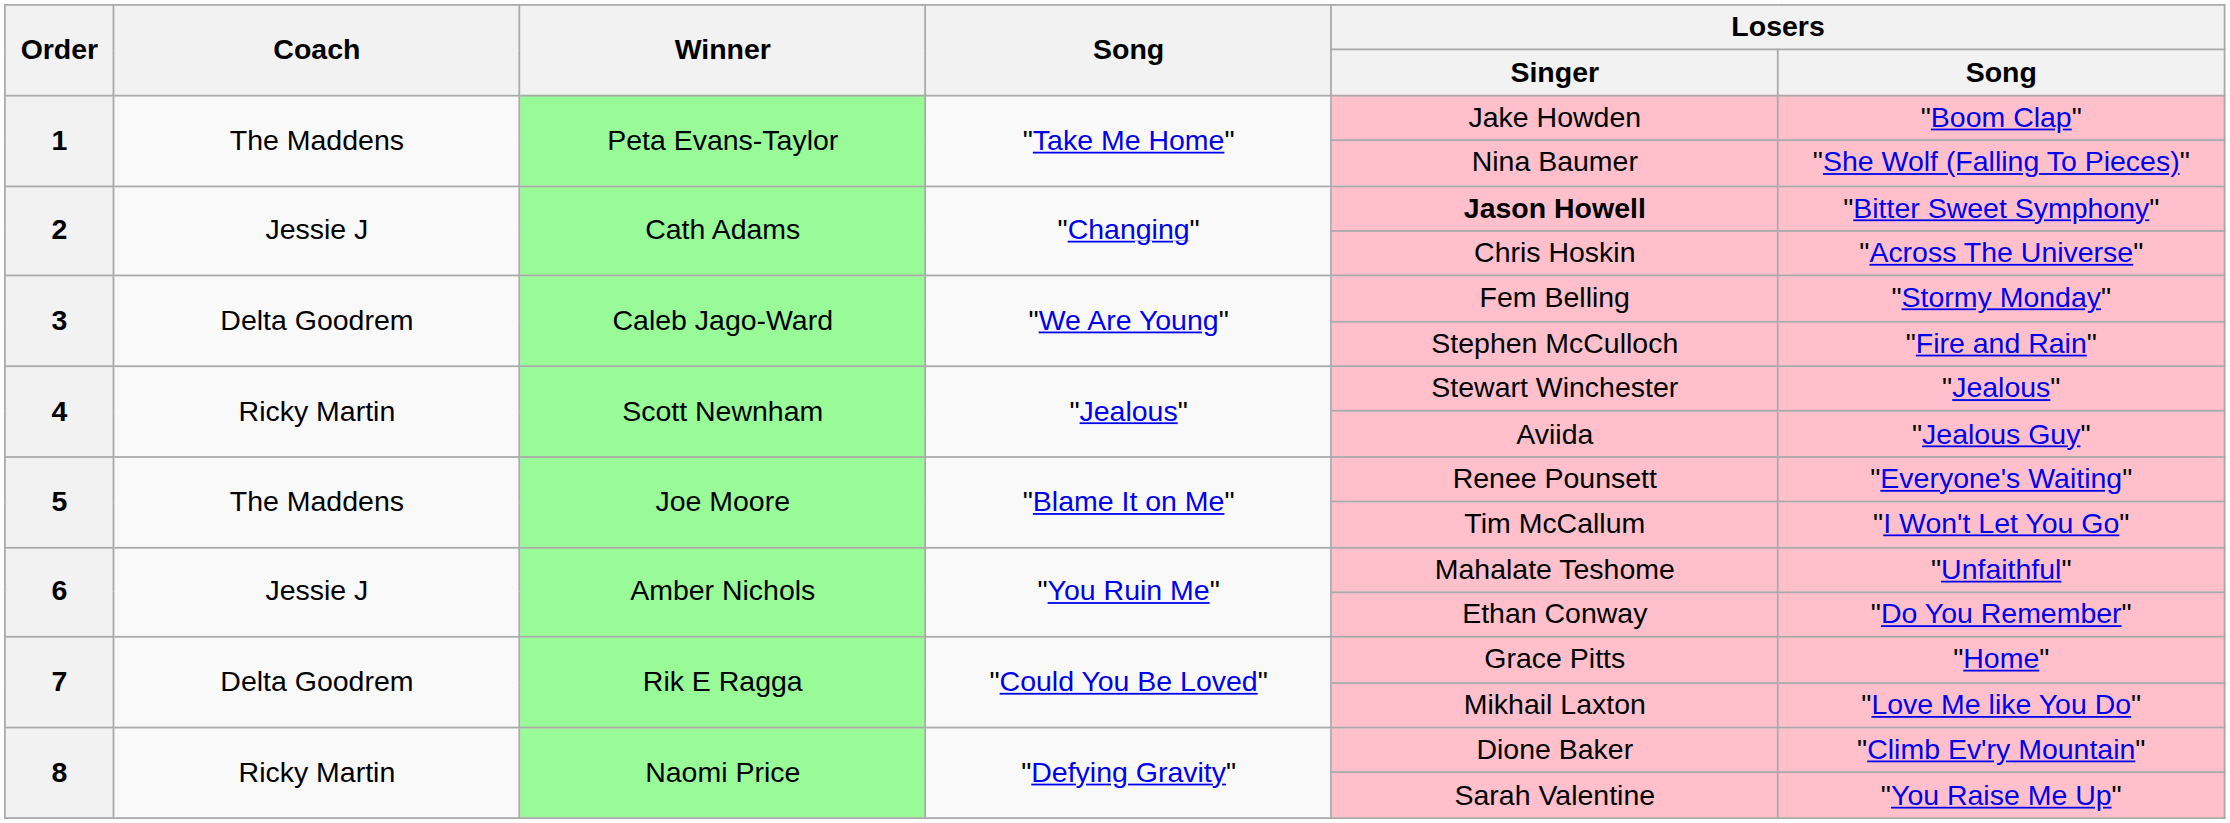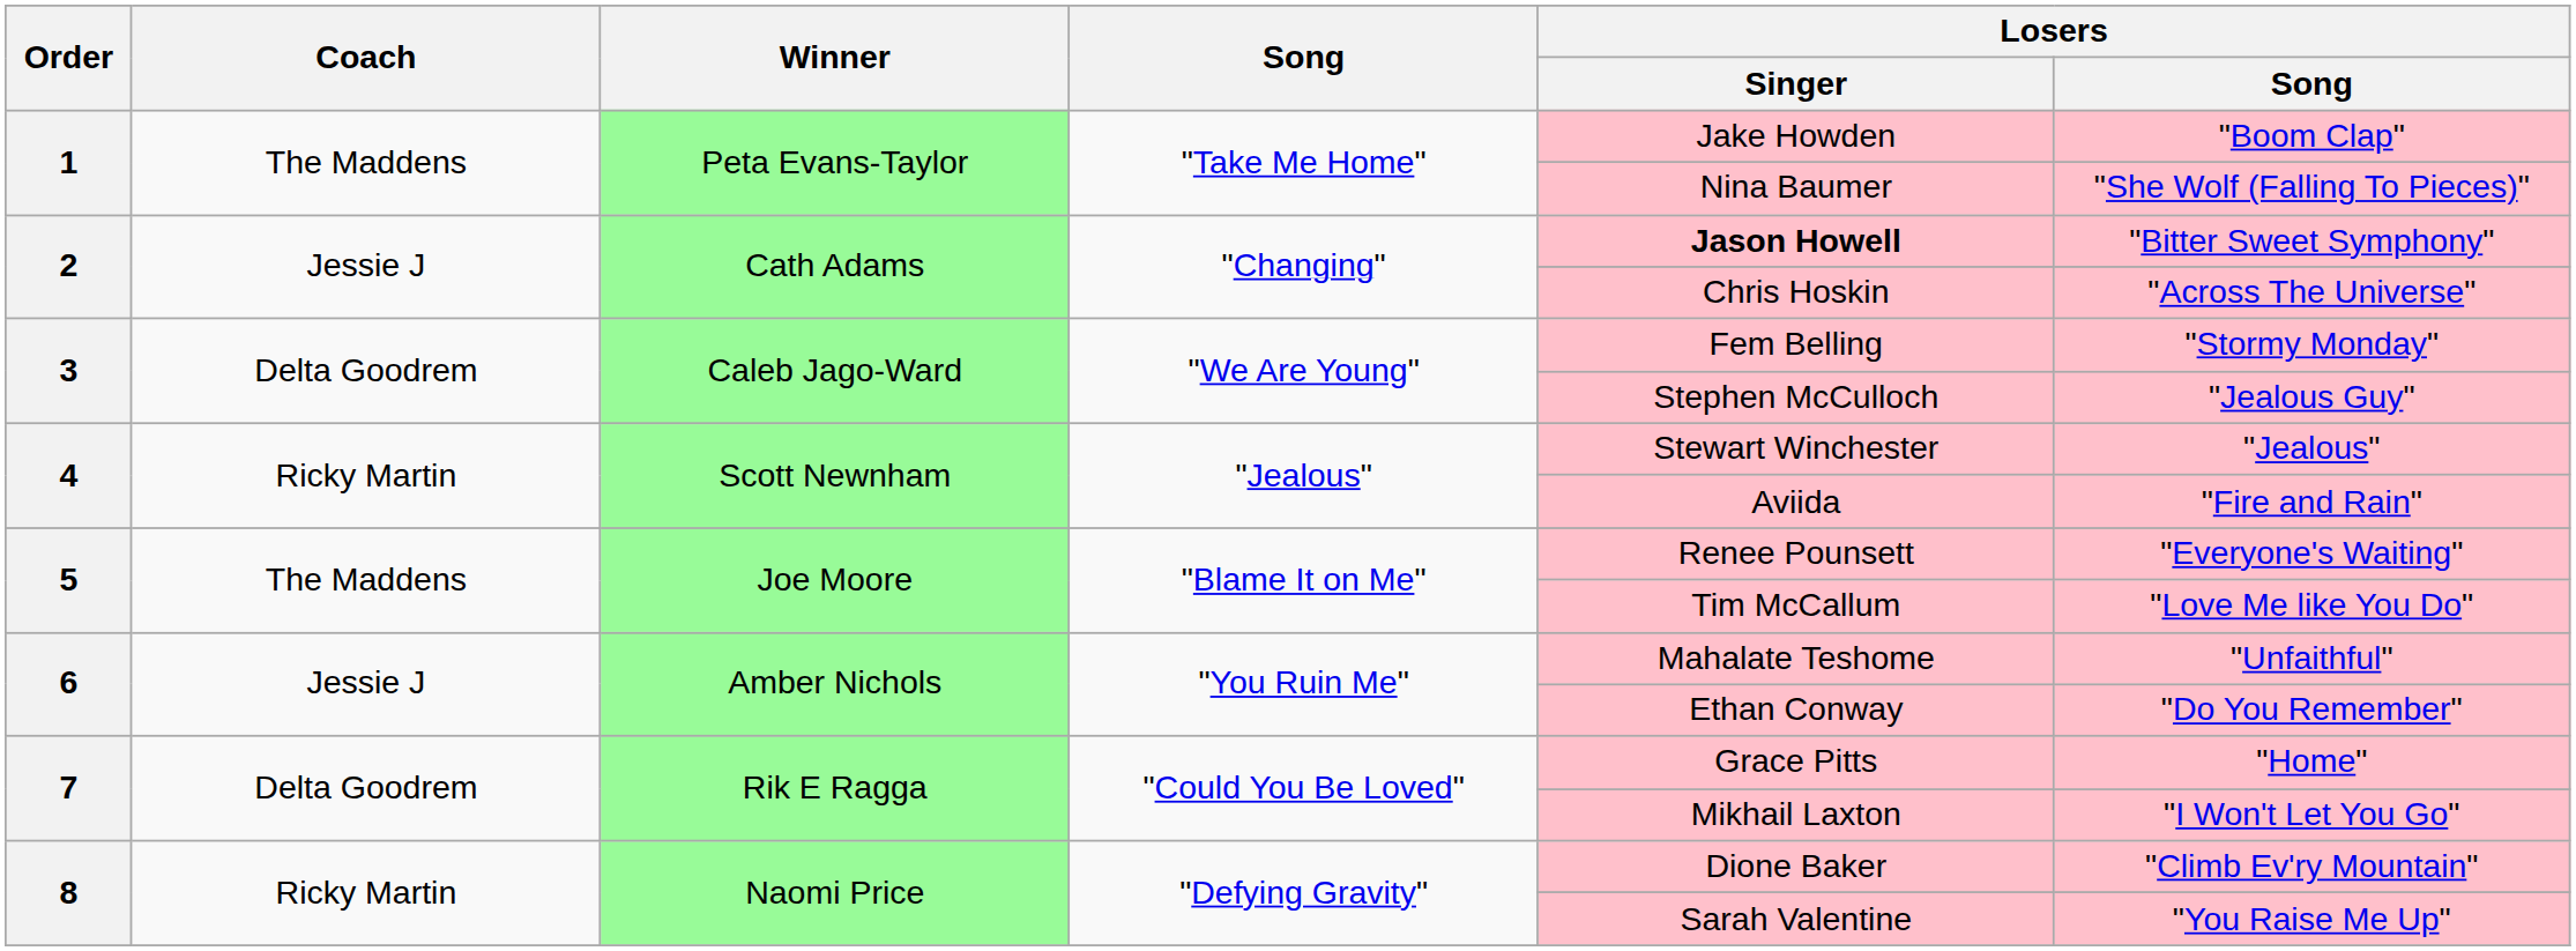 <table class="wikitable sortable" style="text-align: center; width: auto;">
 <tr>
 <th rowspan="2" style="width:1%;">Order</th>
 <th rowspan="2" style="width:10%;">Coach</th>
 <th rowspan="2" style="width:10%;">Winner</th>
 <th rowspan="2" style="width:10%;">Song</th>
 <th colspan="2" style="width:20%;">Losers</th>
 </tr>
 <tr>
 <th style="width:11%;">Singer</th>
 <th style="width:11%;">Song</th>
 </tr>
 <tr>
 <th rowspan="2">1</th>
 <td rowspan="2">The Maddens</td>
 <td rowspan="2" bgcolor="palegreen">Peta Evans-Taylor</td>
 <td rowspan="2">"<a href='#'>Take Me Home</a>"</td>
 <td bgcolor="pink">Jake Howden</td>
 <td bgcolor="pink">"<a href='#'>Boom Clap</a>"</td>
 </tr>
 <tr>
 <td bgcolor="pink">Nina Baumer</td>
 <td bgcolor="pink">"<a href='#'>She Wolf (Falling To Pieces)</a>"</td>
 </tr>
 <tr>
 <th rowspan="2">2</th>
 <td rowspan="2">Jessie J</td>
 <td rowspan="2" bgcolor="palegreen">Cath Adams</td>
 <td rowspan="2">"<a href='#'>Changing</a>"</td>
 <td bgcolor="pink"><strong>Jason Howell</strong></td>
 <td bgcolor="pink">"<a href='#'>Bitter Sweet Symphony</a>"</td>
 </tr>
 <tr>
 <td bgcolor="pink">Chris Hoskin</td>
 <td bgcolor="pink">"<a href='#'>Across The Universe</a>"</td>
 </tr>
 <tr>
 <th rowspan="2">3</th>
 <td rowspan="2">Delta Goodrem</td>
 <td rowspan="2" bgcolor="palegreen">Caleb Jago-Ward</td>
 <td rowspan="2">"<a href='#'>We Are Young</a>"</td>
 <td bgcolor="pink">Fem Belling</td>
 <td bgcolor="pink">"<a href='#'>Stormy Monday</a>"</td>
 </tr>
 <tr>
 <td bgcolor="pink">Stephen McCulloch</td>
-<td bgcolor="pink">"<a href='#'>Fire and Rain</a>"</td>
+<td bgcolor="pink">"<a href='#'>Jealous Guy</a>"</td>
 </tr>
 <tr>
 <th rowspan="2">4</th>
 <td rowspan="2">Ricky Martin</td>
 <td rowspan="2" bgcolor="palegreen">Scott Newnham</td>
 <td rowspan="2">"<a href='#'>Jealous</a>"</td>
 <td bgcolor="pink">Stewart Winchester</td>
 <td bgcolor="pink">"<a href='#'>Jealous</a>"</td>
 </tr>
 <tr>
 <td bgcolor="pink">Aviida</td>
-<td bgcolor="pink">"<a href='#'>Jealous Guy</a>"</td>
+<td bgcolor="pink">"<a href='#'>Fire and Rain</a>"</td>
 </tr>
 <tr>
 <th rowspan="2">5</th>
 <td rowspan="2">The Maddens</td>
 <td rowspan="2" bgcolor="palegreen">Joe Moore</td>
 <td rowspan="2">"<a href='#'>Blame It on Me</a>"</td>
 <td bgcolor="pink">Renee Pounsett</td>
 <td bgcolor="pink">"<a href='#'>Everyone's Waiting</a>"</td>
 </tr>
 <tr>
 <td bgcolor="pink">Tim McCallum</td>
-<td bgcolor="pink">"<a href='#'>I Won't Let You Go</a>"</td>
+<td bgcolor="pink">"<a href='#'>Love Me like You Do</a>"</td>
 </tr>
 <tr>
 <th rowspan="2">6</th>
 <td rowspan="2">Jessie J</td>
 <td rowspan="2" bgcolor="palegreen">Amber Nichols</td>
 <td rowspan="2">"<a href='#'>You Ruin Me</a>"</td>
 <td bgcolor="pink">Mahalate Teshome</td>
 <td bgcolor="pink">"<a href='#'>Unfaithful</a>"</td>
 </tr>
 <tr>
 <td bgcolor="pink">Ethan Conway</td>
 <td bgcolor="pink">"<a href='#'>Do You Remember</a>"</td>
 </tr>
 <tr>
 <th rowspan="2">7</th>
 <td rowspan="2">Delta Goodrem</td>
 <td rowspan="2" bgcolor="palegreen">Rik E Ragga</td>
 <td rowspan="2">"<a href='#'>Could You Be Loved</a>"</td>
 <td bgcolor="pink">Grace Pitts</td>
 <td bgcolor="pink">"<a href='#'>Home</a>"</td>
 </tr>
 <tr>
 <td bgcolor="pink">Mikhail Laxton</td>
-<td bgcolor="pink">"<a href='#'>Love Me like You Do</a>"</td>
+<td bgcolor="pink">"<a href='#'>I Won't Let You Go</a>"</td>
 </tr>
 <tr>
 <th rowspan="2">8</th>
 <td rowspan="2">Ricky Martin</td>
 <td rowspan="2" bgcolor="palegreen">Naomi Price</td>
 <td rowspan="2">"<a href='#'>Defying Gravity</a>"</td>
 <td bgcolor="pink">Dione Baker</td>
 <td bgcolor="pink">"<a href='#'>Climb Ev'ry Mountain</a>"</td>
 </tr>
 <tr>
 <td bgcolor="pink">Sarah Valentine</td>
 <td bgcolor="pink">"<a href='#'>You Raise Me Up</a>"</td>
 </tr>
 <tr>
 </tr>
 </table>
